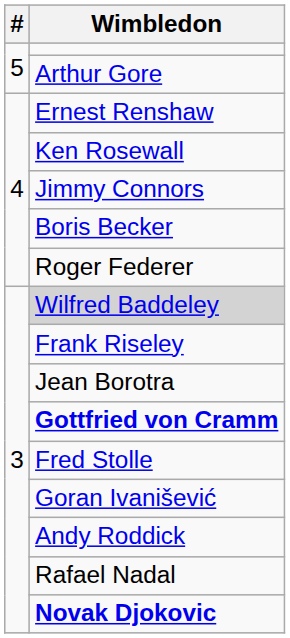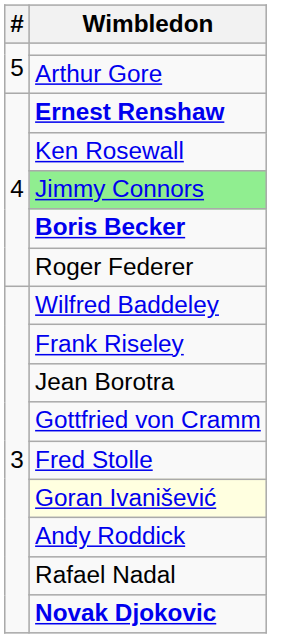 <table class=wikitable style="display:inline-table;">
 <tr>
 <th>#</th>
 <th>Wimbledon</th>
 </tr>
 <tr>
 <td rowspan="2">5</td>
 <td></td>
 </tr>
 <tr>
 <td> <a href='#'>Arthur Gore</a></td>
 </tr>
 <tr>
 <td rowspan="5">4</td>
-<td> <a href='#'>Ernest Renshaw</a></td>
+<td><strong> <a href='#'>Ernest Renshaw</a></strong></td>
 </tr>
 <tr>
 <td> <a href='#'>Ken Rosewall</a></td>
 </tr>
 <tr>
-<td> <a href='#'>Jimmy Connors</a></td>
+<td style="background: lightgreen;"> <a href='#'>Jimmy Connors</a></td>
 </tr>
 <tr>
-<td> <a href='#'>Boris Becker</a></td>
+<td><strong> <a href='#'>Boris Becker</a></strong></td>
 </tr>
 <tr>
 <td> Roger Federer</td>
 </tr>
 <tr>
 <td rowspan="9">3</td>
-<td style="background: lightgrey;"> <a href='#'>Wilfred Baddeley</a></td>
+<td> <a href='#'>Wilfred Baddeley</a></td>
 </tr>
 <tr>
 <td> <a href='#'>Frank Riseley</a></td>
 </tr>
 <tr>
 <td> Jean Borotra</td>
 </tr>
 <tr>
-<td><strong> <a href='#'>Gottfried von Cramm</a></strong></td>
+<td> <a href='#'>Gottfried von Cramm</a></td>
 </tr>
 <tr>
 <td> <a href='#'>Fred Stolle</a></td>
 </tr>
 <tr>
-<td> <a href='#'>Goran Ivanišević</a></td>
+<td style="background: lightyellow;"> <a href='#'>Goran Ivanišević</a></td>
 </tr>
 <tr>
 <td> <a href='#'>Andy Roddick</a></td>
 </tr>
 <tr>
 <td> Rafael Nadal</td>
 </tr>
 <tr>
 <td> <strong><a href='#'>Novak Djokovic</a></strong></td>
 </tr>
 </table>
